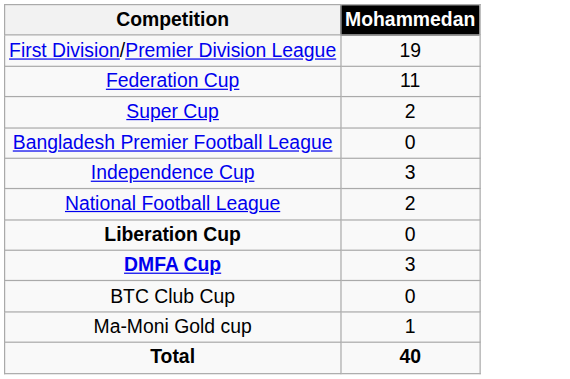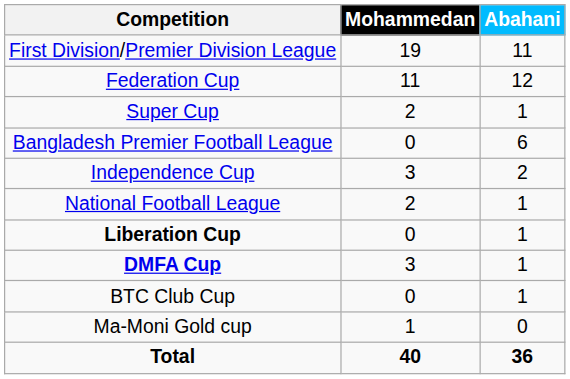 <table class="wikitable sortable" style="text-align: center;">
 <tr>
 <th>Competition</th>
 <th style="background:#000000;color:white;">Mohammedan</th>
+<th style="background:#00bbff;color:white;">Abahani</th>
 </tr>
 <tr>
 <td><a href='#'>First Division</a>/<a href='#'>Premier Division League</a></td>
 <td>19</td>
+<td>11</td>
 </tr>
 <tr>
 <td><a href='#'>Federation Cup</a></td>
 <td>11</td>
+<td>12</td>
 </tr>
 <tr>
 <td><a href='#'>Super Cup</a></td>
 <td>2</td>
+<td>1</td>
 </tr>
 <tr>
 <td><a href='#'>Bangladesh Premier Football League</a></td>
 <td>0</td>
+<td>6</td>
 </tr>
 <tr>
 <td><a href='#'>Independence Cup</a></td>
 <td>3</td>
+<td>2</td>
 </tr>
 <tr>
 <td><a href='#'>National Football League</a></td>
 <td>2</td>
+<td>1</td>
 </tr>
 <tr>
 <td><strong>Liberation Cup</strong></td>
 <td>0</td>
+<td>1</td>
 </tr>
 <tr>
 <td><strong><a href='#'>DMFA Cup</a></strong></td>
 <td>3</td>
+<td>1</td>
 </tr>
 <tr>
 <td>BTC Club Cup</td>
 <td>0</td>
+<td>1</td>
 </tr>
 <tr>
 <td>Ma-Moni Gold cup</td>
 <td>1</td>
+<td>0</td>
 </tr>
 <tr>
 <td><strong>Total</strong></td>
 <td><strong>40</strong></td>
+<td><strong>36</strong></td>
 </tr>
 </table>
